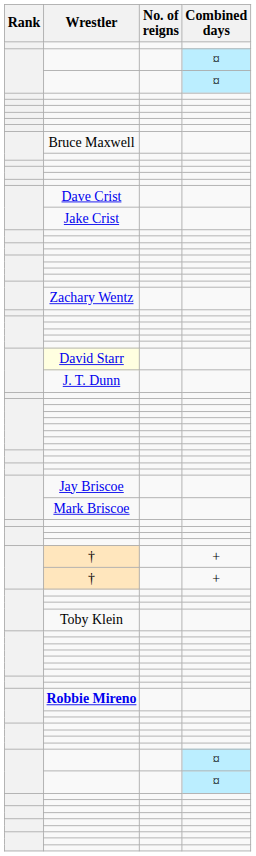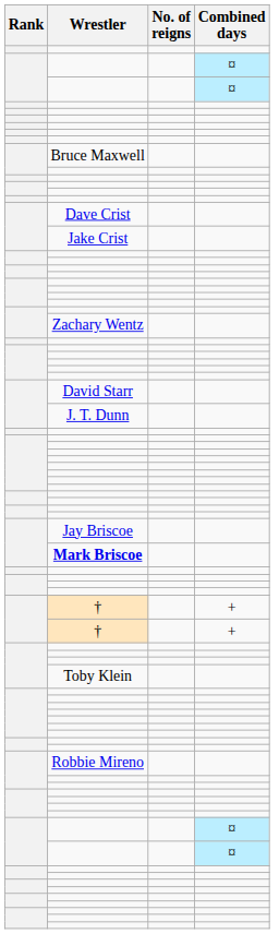 <table class="wikitable sortable" style="text-align: center">
 <tr>
 <th>Rank</th>
 <th>Wrestler</th>
 <th>No. of<br>reigns</th>
 <th>Combined<br>days</th>
 </tr>
 <tr>
 <th></th>
 <td></td>
 <td></td>
 <td></td>
 </tr>
 <tr>
 <th rowspan=2></th>
 <td></td>
 <td></td>
 <td style="background-color:#bbeeff">¤</td>
 </tr>
 <tr>
 <td></td>
 <td></td>
 <td style="background-color:#bbeeff">¤</td>
 </tr>
 <tr>
 <th></th>
 <td></td>
 <td></td>
 <td></td>
 </tr>
 <tr>
 <th></th>
 <td></td>
 <td></td>
 <td></td>
 </tr>
 <tr>
 <th></th>
 <td></td>
 <td></td>
 <td></td>
 </tr>
 <tr>
 <th></th>
 <td></td>
 <td></td>
 <td></td>
 </tr>
 <tr>
 <th></th>
 <td></td>
 <td></td>
 <td></td>
 </tr>
 <tr>
 <th></th>
 <td></td>
 <td></td>
 <td></td>
 </tr>
 <tr>
 <th rowspan=2></th>
 <td>Bruce Maxwell</td>
 <td></td>
 <td></td>
 </tr>
 <tr>
 <td></td>
 <td></td>
 <td></td>
 </tr>
 <tr>
 <th></th>
 <td></td>
 <td></td>
 <td></td>
 </tr>
 <tr>
 <th rowspan=2></th>
 <td></td>
 <td></td>
 <td></td>
 </tr>
 <tr>
 <td></td>
 <td></td>
 <td></td>
 </tr>
 <tr>
 <th></th>
 <td></td>
 <td></td>
 <td></td>
 </tr>
 <tr>
 <th rowspan=2></th>
 <td><a href='#'>Dave Crist</a></td>
 <td></td>
 <td></td>
 </tr>
 <tr>
 <td><a href='#'>Jake Crist</a></td>
 <td></td>
 <td></td>
 </tr>
 <tr>
 <th rowspan=2></th>
 <td></td>
 <td></td>
 <td></td>
 </tr>
 <tr>
 <td></td>
 <td></td>
 <td></td>
 </tr>
 <tr>
 <th rowspan=2></th>
 <td></td>
 <td></td>
 <td></td>
 </tr>
 <tr>
 <td></td>
 <td></td>
 <td></td>
 </tr>
 <tr>
 <th rowspan=4></th>
 <td></td>
 <td></td>
 <td></td>
 </tr>
 <tr>
 <td></td>
 <td></td>
 <td></td>
 </tr>
 <tr>
 <td></td>
 <td></td>
 <td {{sort></td>
 </tr>
 <tr>
 <td></td>
 <td></td>
 <td {{sort></td>
 </tr>
 <tr>
 <th rowspan=2></th>
 <td></td>
 <td></td>
 <td></td>
 </tr>
 <tr>
 <td><a href='#'>Zachary Wentz</a></td>
 <td></td>
 <td></td>
 </tr>
 <tr>
 <th></th>
 <td></td>
 <td></td>
 <td></td>
 </tr>
 <tr>
 <th rowspan=5></th>
 <td></td>
 <td></td>
 <td></td>
 </tr>
 <tr>
 <td></td>
 <td></td>
 <td></td>
 </tr>
 <tr>
 <td></td>
 <td></td>
 <td></td>
 </tr>
 <tr>
 <td></td>
 <td></td>
 <td></td>
 </tr>
 <tr>
 <td></td>
 <td></td>
 <td></td>
 </tr>
 <tr>
 <th rowspan=2></th>
-<td style="background: lightyellow;"><a href='#'>David Starr</a></td>
+<td><a href='#'>David Starr</a></td>
 <td></td>
 <td></td>
 </tr>
 <tr>
 <td><a href='#'>J. T. Dunn</a></td>
 <td></td>
 <td></td>
 </tr>
 <tr>
 <th></th>
 <td></td>
 <td></td>
 <td></td>
 </tr>
 <tr>
 <th rowspan=8></th>
 <td></td>
 <td></td>
 <td></td>
 </tr>
 <tr>
 <td></td>
 <td></td>
 <td></td>
 </tr>
 <tr>
 <td></td>
 <td></td>
 <td></td>
 </tr>
 <tr>
 <td></td>
 <td></td>
 <td></td>
 </tr>
 <tr>
 <td></td>
 <td></td>
 <td></td>
 </tr>
 <tr>
 <td></td>
 <td></td>
 <td></td>
 </tr>
 <tr>
 <td></td>
 <td></td>
 <td></td>
 </tr>
 <tr>
 <td></td>
 <td></td>
 <td></td>
 </tr>
 <tr>
 <th rowspan=2></th>
 <td></td>
 <td></td>
 <td></td>
 </tr>
 <tr>
 <td></td>
 <td></td>
 <td></td>
 </tr>
 <tr>
 <th rowspan=2></th>
 <td></td>
 <td></td>
 <td></td>
 </tr>
 <tr>
 <td></td>
 <td></td>
 <td></td>
 </tr>
 <tr>
 <th rowspan=2></th>
 <td><a href='#'>Jay Briscoe</a></td>
 <td></td>
 <td></td>
 </tr>
 <tr>
-<td><a href='#'>Mark Briscoe</a></td>
+<td><strong><a href='#'>Mark Briscoe</a></strong></td>
 <td></td>
 <td></td>
 </tr>
 <tr>
 <th></th>
 <td></td>
 <td></td>
 <td></td>
 </tr>
 <tr>
 <th rowspan=3></th>
 <td></td>
 <td></td>
 <td></td>
 </tr>
 <tr>
 <td></td>
 <td></td>
 <td></td>
 </tr>
 <tr>
 <td></td>
 <td></td>
 <td></td>
 </tr>
 <tr>
 <th rowspan=2></th>
 <td style="background-color:#FFE6BD">†</td>
 <td></td>
 <td>+</td>
 </tr>
 <tr>
 <td style="background-color:#FFE6BD">†</td>
 <td></td>
 <td>+</td>
 </tr>
 <tr>
 <th rowspan=4></th>
 <td></td>
 <td></td>
 <td></td>
 </tr>
 <tr>
 <td></td>
 <td></td>
 <td></td>
 </tr>
 <tr>
 <td></td>
 <td></td>
 <td></td>
 </tr>
 <tr>
 <td>Toby Klein</td>
 <td></td>
 <td></td>
 </tr>
 <tr>
 <th rowspan=7></th>
 <td></td>
 <td></td>
 <td></td>
 </tr>
 <tr>
 <td></td>
 <td></td>
 <td></td>
 </tr>
 <tr>
 <td></td>
 <td></td>
 <td></td>
 </tr>
 <tr>
 <td></td>
 <td></td>
 <td></td>
 </tr>
 <tr>
 <td></td>
 <td></td>
 <td></td>
 </tr>
 <tr>
 <td></td>
 <td></td>
 <td></td>
 </tr>
 <tr>
 <td></td>
 <td></td>
 <td></td>
 </tr>
 <tr>
 <th rowspan=2></th>
 <td></td>
 <td></td>
 <td></td>
 </tr>
 <tr>
 <td></td>
 <td></td>
 <td></td>
 </tr>
 <tr>
 <th rowspan=3></th>
-<td><strong><a href='#'>Robbie Mireno</a></strong></td>
+<td><a href='#'>Robbie Mireno</a></td>
 <td></td>
 <td></td>
 </tr>
 <tr>
 <td></td>
 <td></td>
 <td></td>
 </tr>
 <tr>
 <td></td>
 <td></td>
 <td></td>
 </tr>
 <tr>
 <th rowspan=4></th>
 <td></td>
 <td></td>
 <td></td>
 </tr>
 <tr>
 <td></td>
 <td></td>
 <td></td>
 </tr>
 <tr>
 <td></td>
 <td></td>
 <td></td>
 </tr>
 <tr>
 <td></td>
 <td></td>
 <td></td>
 </tr>
 <tr>
 <th rowspan=2></th>
 <td></td>
 <td></td>
 <td style="background-color:#bbeeff">¤</td>
 </tr>
 <tr>
 <td></td>
 <td></td>
 <td style="background-color:#bbeeff">¤</td>
 </tr>
 <tr>
 <th rowspan=2></th>
 <td></td>
 <td></td>
 <td></td>
 </tr>
 <tr>
 <td></td>
 <td></td>
 <td></td>
 </tr>
 <tr>
 <th rowspan=2></th>
 <td></td>
 <td></td>
 <td></td>
 </tr>
 <tr>
 <td></td>
 <td></td>
 <td></td>
 </tr>
 <tr>
 <th rowspan=2></th>
 <td></td>
 <td></td>
 <td></td>
 </tr>
 <tr>
 <td></td>
 <td></td>
 <td></td>
 </tr>
 <tr>
 <th rowspan=3></th>
 <td></td>
 <td></td>
 <td></td>
 </tr>
 <tr>
 <td></td>
 <td></td>
 <td></td>
 </tr>
 <tr>
 <td></td>
 <td></td>
 <td></td>
 </tr>
 </table>
